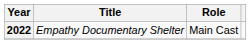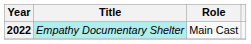 <table class="wikitable sortable plainrowheaders">
 <tr>
 <th scope="col">Year</th>
 <th scope="col">Title</th>
 <th scope="col">Role</th>
 <th scope="col" class="unsortable"></th>
 </tr>
 <tr>
 <th scope="row">2022</th>
-<td><em>Empathy Documentary Shelter</em></td>
+<td style="background: paleturquoise;"><em>Empathy Documentary Shelter</em></td>
 <td>Main Cast</td>
 <td></td>
 </tr>
 <tr>
 </tr>
 </table>
